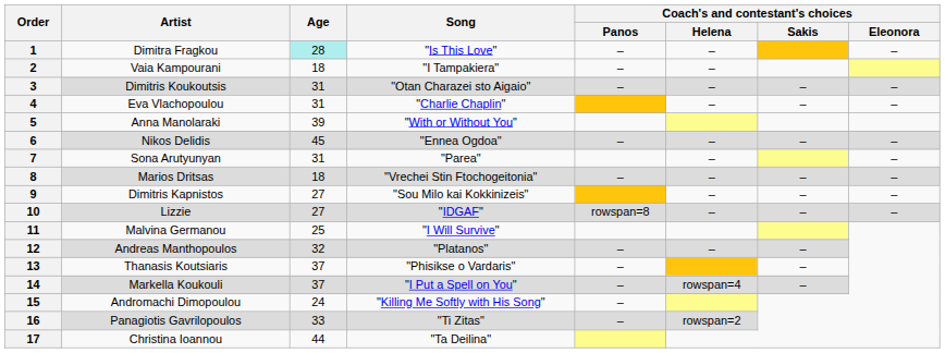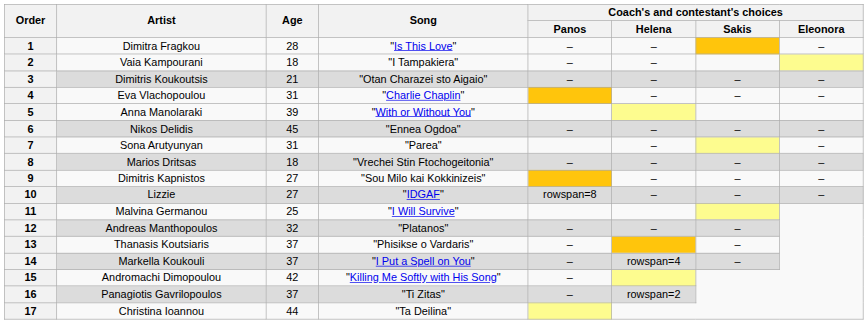 <table class="wikitable" style="text-align:center; line-height:17px; width:100%;">
 <tr>
 <th scope="col" rowspan="2" width="05%">Order</th>
 <th scope="col" rowspan="2" width="20%">Artist</th>
 <th scope="col" rowspan="2" width="05%">Age</th>
 <th scope="col" rowspan="2" width="20%">Song</th>
 <th scope="col" colspan="4" width="32%">Coach's and contestant's choices</th>
 </tr>
 <tr>
 <th width="08%">Panos</th>
 <th width="08%">Helena</th>
 <th width="08%">Sakis</th>
 <th width="08%">Eleonora</th>
 </tr>
 <tr>
 <th>1</th>
 <td>Dimitra Fragkou</td>
-<td style="background: paleturquoise;">28</td>
+<td>28</td>
 <td>"<a href='#'>Is This Love</a>"</td>
 <td>–</td>
 <td>–</td>
 <td style="background: #FFC50C;"></td>
 <td>–</td>
 </tr>
 <tr>
 <th>2</th>
 <td>Vaia Kampourani</td>
 <td>18</td>
 <td>"I Tampakiera"</td>
 <td>–</td>
 <td>–</td>
 <td></td>
 <td style="background: #fdfc8f;"></td>
 </tr>
 <tr style="background: #DCDCDC;" |>
 <th>3</th>
 <td>Dimitris Koukoutsis</td>
-<td>31</td>
+<td>21</td>
 <td>"Otan Charazei sto Aigaio"</td>
 <td>–</td>
 <td>–</td>
 <td>–</td>
 <td>–</td>
 </tr>
 <tr>
 <th>4</th>
 <td>Eva Vlachopoulou</td>
 <td>31</td>
 <td>"<a href='#'>Charlie Chaplin</a>"</td>
 <td style="background: #FFC50C;"></td>
 <td>–</td>
 <td>–</td>
 <td>–</td>
 </tr>
 <tr>
 <th>5</th>
 <td>Anna Manolaraki</td>
 <td>39</td>
 <td>"<a href='#'>With or Without You</a>"</td>
 <td></td>
 <td style="background: #fdfc8f;"></td>
 <td></td>
 <td></td>
 </tr>
 <tr style="background: #DCDCDC;" |>
 <th>6</th>
 <td>Nikos Delidis</td>
 <td>45</td>
 <td>"Ennea Ogdoa"</td>
 <td>–</td>
 <td>–</td>
 <td>–</td>
 <td>–</td>
 </tr>
 <tr>
 <th>7</th>
 <td>Sona Arutyunyan</td>
 <td>31</td>
 <td>"Parea"</td>
 <td></td>
 <td>–</td>
 <td style="background: #fdfc8f;"></td>
 <td>–</td>
 </tr>
 <tr style="background: #DCDCDC;" |>
 <th>8</th>
 <td>Marios Dritsas</td>
 <td>18</td>
 <td>"Vrechei Stin Ftochogeitonia"</td>
 <td>–</td>
 <td>–</td>
 <td>–</td>
 <td>–</td>
 </tr>
 <tr>
 <th>9</th>
 <td>Dimitris Kapnistos</td>
 <td>27</td>
 <td>"Sou Milo kai Kokkinizeis"</td>
 <td style="background: #FFC50C;"></td>
 <td>–</td>
 <td>–</td>
 <td>–</td>
 </tr>
 <tr style="background: #DCDCDC;" |>
 <th>10</th>
 <td>Lizzie</td>
 <td>27</td>
 <td>"<a href='#'>IDGAF</a>"</td>
 <td>rowspan=8 </td>
 <td>–</td>
 <td>–</td>
 <td>–</td>
 </tr>
 <tr>
 <th>11</th>
 <td>Malvina Germanou</td>
 <td>25</td>
 <td>"<a href='#'>I Will Survive</a>"</td>
 <td></td>
 <td></td>
 <td style="background: #fdfc8f;"></td>
 </tr>
 <tr style="background: #DCDCDC;" |>
 <th>12</th>
 <td>Andreas Manthopoulos</td>
 <td>32</td>
 <td>"Platanos"</td>
 <td>–</td>
 <td>–</td>
 <td>–</td>
 </tr>
 <tr>
 <th>13</th>
 <td>Thanasis Koutsiaris</td>
 <td>37</td>
 <td>"Phisikse o Vardaris"</td>
 <td>–</td>
 <td style="background: #FFC50C;"></td>
 <td>–</td>
 </tr>
 <tr style="background: #DCDCDC;" |>
 <th>14</th>
 <td>Markella Koukouli</td>
 <td>37</td>
 <td>"<a href='#'>I Put a Spell on You</a>"</td>
 <td>–</td>
 <td>rowspan=4 </td>
 <td>–</td>
 </tr>
 <tr>
 <th>15</th>
 <td>Andromachi Dimopoulou</td>
-<td>24</td>
+<td>42</td>
 <td>"<a href='#'>Killing Me Softly with His Song</a>"</td>
 <td>–</td>
 <td style="background: #fdfc8f;"></td>
 </tr>
 <tr style="background: #DCDCDC;" |>
 <th>16</th>
 <td>Panagiotis Gavrilopoulos</td>
-<td>33</td>
+<td>37</td>
 <td>"Ti Zitas"</td>
 <td>–</td>
 <td>rowspan=2 </td>
 </tr>
 <tr>
 <th>17</th>
 <td>Christina Ioannou</td>
 <td>44</td>
 <td>"Ta Deilina"</td>
 <td style="background: #fdfc8f;"></td>
 </tr>
 </table>
